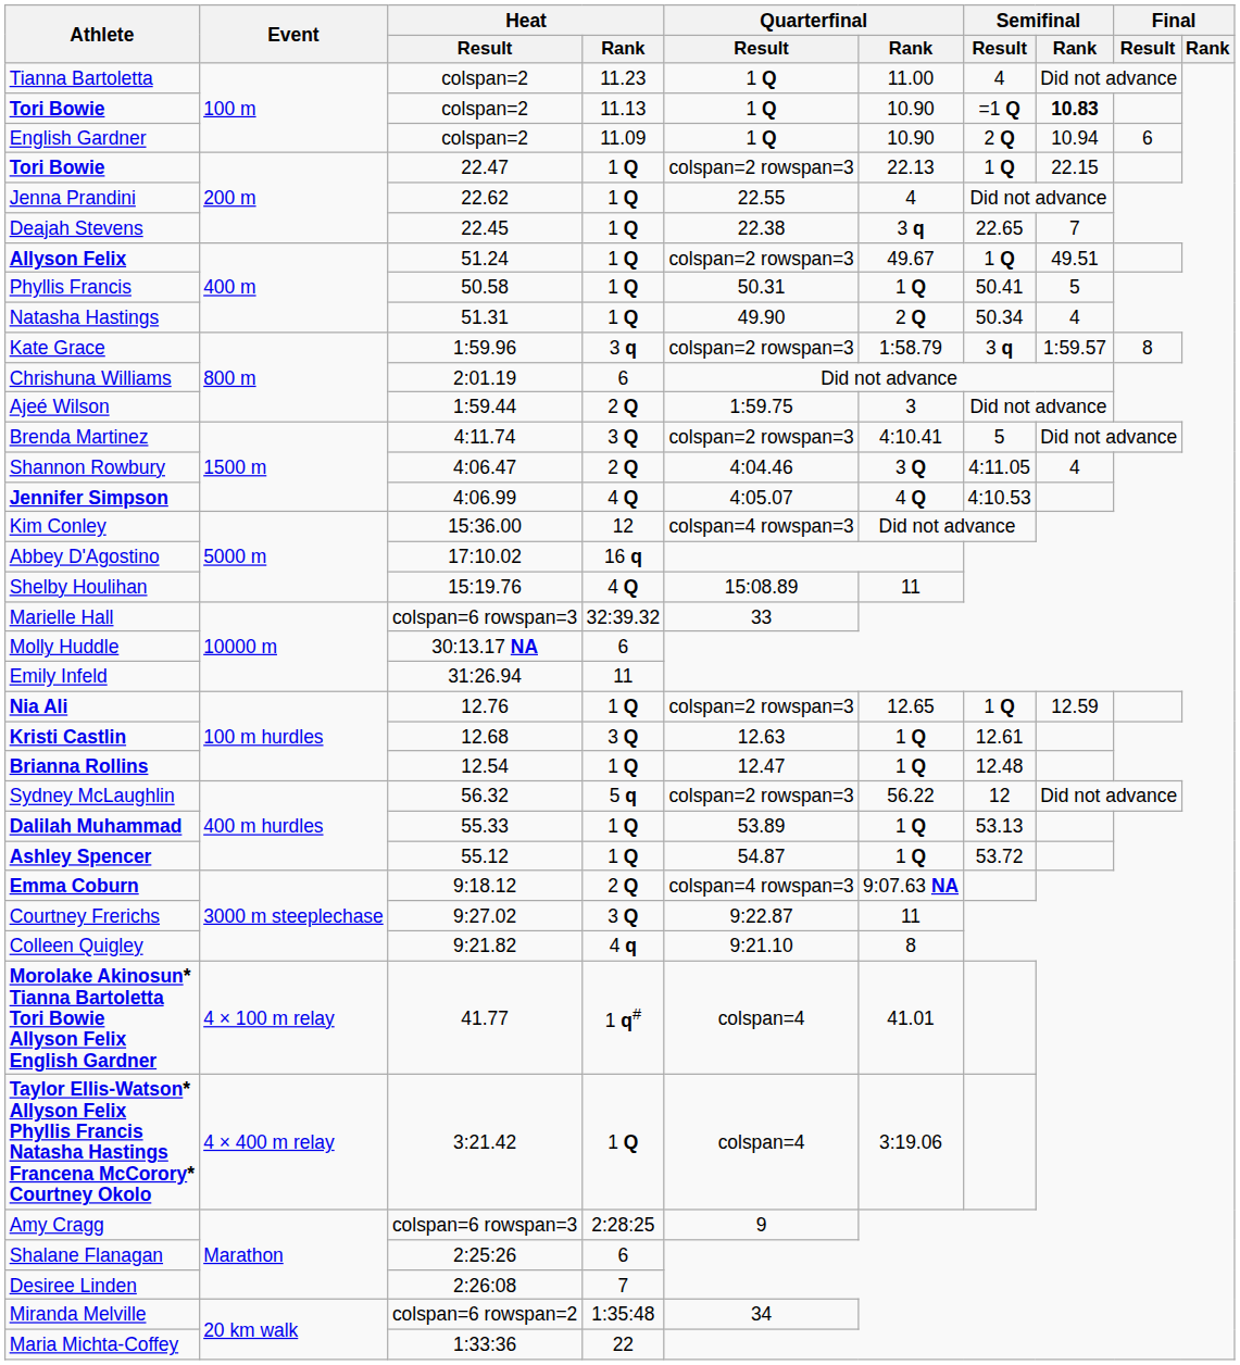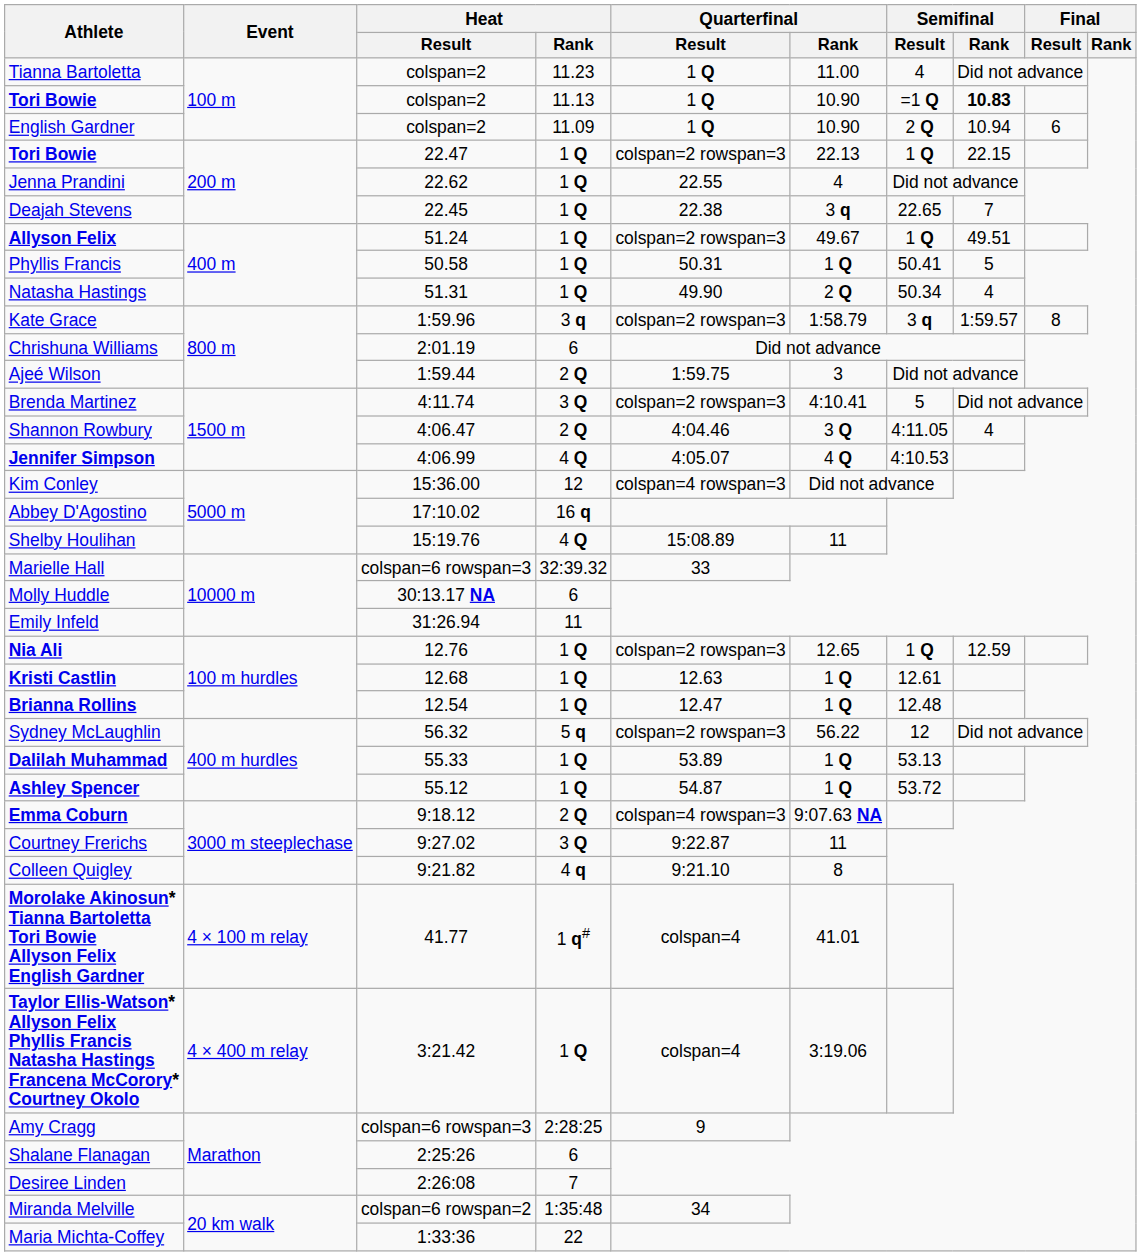 <table class=wikitable style=font-size:90%;text-align:center>
 <tr>
 <th rowspan=2>Athlete</th>
 <th rowspan=2>Event</th>
 <th colspan=2>Heat</th>
 <th colspan=2>Quarterfinal</th>
 <th colspan=2>Semifinal</th>
 <th colspan=2>Final</th>
 </tr>
 <tr style=font-size:95%>
 <th>Result</th>
 <th>Rank</th>
 <th>Result</th>
 <th>Rank</th>
 <th>Result</th>
 <th>Rank</th>
 <th>Result</th>
 <th>Rank</th>
 </tr>
 <tr>
 <td align=left><a href='#'>Tianna Bartoletta</a></td>
 <td align=left rowspan=3><a href='#'>100 m</a></td>
 <td>colspan=2 </td>
 <td>11.23</td>
 <td>1 <strong>Q</strong></td>
 <td>11.00</td>
 <td>4</td>
 <td colspan=2>Did not advance</td>
 </tr>
 <tr>
 <td align=left><strong><a href='#'>Tori Bowie</a></strong></td>
 <td>colspan=2 </td>
 <td>11.13</td>
 <td>1 <strong>Q</strong></td>
 <td>10.90</td>
 <td>=1 <strong>Q</strong></td>
 <td><strong>10.83</strong></td>
 <td></td>
 </tr>
 <tr>
 <td align=left><a href='#'>English Gardner</a></td>
 <td>colspan=2 </td>
 <td>11.09</td>
 <td>1 <strong>Q</strong></td>
 <td>10.90</td>
 <td>2 <strong>Q</strong></td>
 <td>10.94</td>
 <td>6</td>
 </tr>
 <tr>
 <td align=left><strong><a href='#'>Tori Bowie</a></strong></td>
 <td align=left rowspan=3><a href='#'>200 m</a></td>
 <td>22.47</td>
 <td>1 <strong>Q</strong></td>
 <td>colspan=2 rowspan=3 </td>
 <td>22.13</td>
 <td>1 <strong>Q</strong></td>
 <td>22.15</td>
 <td></td>
 </tr>
 <tr>
 <td align=left><a href='#'>Jenna Prandini</a></td>
 <td>22.62</td>
 <td>1 <strong>Q</strong></td>
 <td>22.55</td>
 <td>4</td>
 <td colspan=2>Did not advance</td>
 </tr>
 <tr>
 <td align=left><a href='#'>Deajah Stevens</a></td>
 <td>22.45</td>
 <td>1 <strong>Q</strong></td>
 <td>22.38</td>
 <td>3 <strong>q</strong></td>
 <td>22.65</td>
 <td>7</td>
 </tr>
 <tr>
 <td align=left><strong><a href='#'>Allyson Felix</a></strong></td>
 <td align=left rowspan=3><a href='#'>400 m</a></td>
 <td>51.24</td>
 <td>1 <strong>Q</strong></td>
 <td>colspan=2 rowspan=3 </td>
 <td>49.67</td>
 <td>1 <strong>Q</strong></td>
 <td>49.51</td>
 <td></td>
 </tr>
 <tr>
 <td align=left><a href='#'>Phyllis Francis</a></td>
 <td>50.58</td>
 <td>1 <strong>Q</strong></td>
 <td>50.31</td>
 <td>1 <strong>Q</strong></td>
 <td>50.41</td>
 <td>5</td>
 </tr>
 <tr>
 <td align=left><a href='#'>Natasha Hastings</a></td>
 <td>51.31</td>
 <td>1 <strong>Q</strong></td>
 <td>49.90</td>
 <td>2 <strong>Q</strong></td>
 <td>50.34</td>
 <td>4</td>
 </tr>
 <tr>
 <td align=left><a href='#'>Kate Grace</a></td>
 <td align=left rowspan=3><a href='#'>800 m</a></td>
 <td>1:59.96</td>
 <td>3 <strong>q</strong></td>
 <td>colspan=2 rowspan=3 </td>
 <td>1:58.79</td>
 <td>3 <strong>q</strong></td>
 <td>1:59.57</td>
 <td>8</td>
 </tr>
 <tr>
 <td align=left><a href='#'>Chrishuna Williams</a></td>
 <td>2:01.19</td>
 <td>6</td>
 <td colspan=4>Did not advance</td>
 </tr>
 <tr>
 <td align=left><a href='#'>Ajeé Wilson</a></td>
 <td>1:59.44</td>
 <td>2 <strong>Q</strong></td>
 <td>1:59.75</td>
 <td>3</td>
 <td colspan=2>Did not advance</td>
 </tr>
 <tr>
 <td align=left><a href='#'>Brenda Martinez</a></td>
 <td align=left rowspan=3><a href='#'>1500 m</a></td>
 <td>4:11.74</td>
 <td>3 <strong>Q</strong></td>
 <td>colspan=2 rowspan=3 </td>
 <td>4:10.41</td>
 <td>5</td>
 <td colspan=2>Did not advance</td>
 </tr>
 <tr>
 <td align=left><a href='#'>Shannon Rowbury</a></td>
 <td>4:06.47</td>
 <td>2 <strong>Q</strong></td>
 <td>4:04.46</td>
 <td>3 <strong>Q</strong></td>
 <td>4:11.05</td>
 <td>4</td>
 </tr>
 <tr>
 <td align=left><strong><a href='#'>Jennifer Simpson</a></strong></td>
 <td>4:06.99</td>
 <td>4 <strong>Q</strong></td>
 <td>4:05.07</td>
 <td>4 <strong>Q</strong></td>
 <td>4:10.53</td>
 <td></td>
 </tr>
 <tr>
 <td align=left><a href='#'>Kim Conley</a></td>
 <td align=left rowspan=3><a href='#'>5000 m</a></td>
 <td>15:36.00</td>
 <td>12</td>
 <td>colspan=4 rowspan=3 </td>
 <td colspan=2>Did not advance</td>
 </tr>
 <tr>
 <td align=left><a href='#'>Abbey D'Agostino</a></td>
 <td>17:10.02</td>
 <td>16 <strong>q</strong></td>
 <td colspan=2></td>
 </tr>
 <tr>
 <td align=left><a href='#'>Shelby Houlihan</a></td>
 <td>15:19.76</td>
 <td>4 <strong>Q</strong></td>
 <td>15:08.89</td>
 <td>11</td>
 </tr>
 <tr>
 <td align=left><a href='#'>Marielle Hall</a></td>
 <td align=left rowspan=3><a href='#'>10000 m</a></td>
 <td>colspan=6 rowspan=3 </td>
 <td>32:39.32</td>
 <td>33</td>
 </tr>
 <tr>
 <td align=left><a href='#'>Molly Huddle</a></td>
 <td>30:13.17 <strong><a href='#'>NA</a></strong></td>
 <td>6</td>
 </tr>
 <tr>
 <td align=left><a href='#'>Emily Infeld</a></td>
 <td>31:26.94</td>
 <td>11</td>
 </tr>
 <tr>
 <td align=left><strong><a href='#'>Nia Ali</a></strong></td>
 <td align=left rowspan=3><a href='#'>100 m hurdles</a></td>
 <td>12.76</td>
 <td>1 <strong>Q</strong></td>
 <td>colspan=2 rowspan=3 </td>
 <td>12.65</td>
 <td>1 <strong>Q</strong></td>
 <td>12.59</td>
 <td></td>
 </tr>
 <tr>
 <td align=left><strong><a href='#'>Kristi Castlin</a></strong></td>
 <td>12.68</td>
-<td>3 <strong>Q</strong></td>
+<td>1 <strong>Q</strong></td>
 <td>12.63</td>
 <td>1 <strong>Q</strong></td>
 <td>12.61</td>
 <td></td>
 </tr>
 <tr>
 <td align=left><strong><a href='#'>Brianna Rollins</a></strong></td>
 <td>12.54</td>
 <td>1 <strong>Q</strong></td>
 <td>12.47</td>
 <td>1 <strong>Q</strong></td>
 <td>12.48</td>
 <td></td>
 </tr>
 <tr>
 <td align=left><a href='#'>Sydney McLaughlin</a></td>
 <td align=left rowspan=3><a href='#'>400 m hurdles</a></td>
 <td>56.32</td>
 <td>5 <strong>q</strong></td>
 <td>colspan=2 rowspan=3 </td>
 <td>56.22</td>
 <td>12</td>
 <td colspan=2>Did not advance</td>
 </tr>
 <tr>
 <td align=left><strong><a href='#'>Dalilah Muhammad</a></strong></td>
 <td>55.33</td>
 <td>1 <strong>Q</strong></td>
 <td>53.89</td>
 <td>1 <strong>Q</strong></td>
 <td>53.13</td>
 <td></td>
 </tr>
 <tr>
 <td align=left><strong><a href='#'>Ashley Spencer</a></strong></td>
 <td>55.12</td>
 <td>1 <strong>Q</strong></td>
 <td>54.87</td>
 <td>1 <strong>Q</strong></td>
 <td>53.72</td>
 <td></td>
 </tr>
 <tr>
 <td align=left><strong><a href='#'>Emma Coburn</a></strong></td>
 <td align=left rowspan=3><a href='#'>3000 m steeplechase</a></td>
 <td>9:18.12</td>
 <td>2 <strong>Q</strong></td>
 <td>colspan=4 rowspan=3 </td>
 <td>9:07.63 <strong><a href='#'>NA</a></strong></td>
 <td></td>
 </tr>
 <tr>
 <td align=left><a href='#'>Courtney Frerichs</a></td>
 <td>9:27.02</td>
 <td>3 <strong>Q</strong></td>
 <td>9:22.87</td>
 <td>11</td>
 </tr>
 <tr>
 <td align=left><a href='#'>Colleen Quigley</a></td>
 <td>9:21.82</td>
 <td>4 <strong>q</strong></td>
 <td>9:21.10</td>
 <td>8</td>
 </tr>
 <tr>
 <td align=left><strong><a href='#'>Morolake Akinosun</a>*<br><a href='#'>Tianna Bartoletta</a><br><a href='#'>Tori Bowie</a><br><a href='#'>Allyson Felix</a><br><a href='#'>English Gardner</a></strong></td>
 <td align=left><a href='#'>4 × 100 m relay</a></td>
 <td>41.77</td>
 <td>1 <strong>q</strong><sup>#</sup></td>
 <td>colspan=4 </td>
 <td>41.01</td>
 <td></td>
 </tr>
 <tr>
 <td align=left><strong><a href='#'>Taylor Ellis-Watson</a>*<br><a href='#'>Allyson Felix</a><br><a href='#'>Phyllis Francis</a><br><a href='#'>Natasha Hastings</a><br><a href='#'>Francena McCorory</a>*<br><a href='#'>Courtney Okolo</a></strong></td>
 <td align=left><a href='#'>4 × 400 m relay</a></td>
 <td>3:21.42</td>
 <td>1 <strong>Q</strong></td>
 <td>colspan=4 </td>
 <td>3:19.06</td>
 <td></td>
 </tr>
 <tr>
 <td align=left><a href='#'>Amy Cragg</a></td>
 <td align=left rowspan=3><a href='#'>Marathon</a></td>
 <td>colspan=6 rowspan=3 </td>
 <td>2:28:25</td>
 <td>9</td>
 </tr>
 <tr>
 <td align=left><a href='#'>Shalane Flanagan</a></td>
 <td>2:25:26</td>
 <td>6</td>
 </tr>
 <tr>
 <td align=left><a href='#'>Desiree Linden</a></td>
 <td>2:26:08</td>
 <td>7</td>
 </tr>
 <tr>
 <td align=left><a href='#'>Miranda Melville</a></td>
 <td align=left rowspan=2><a href='#'>20 km walk</a></td>
 <td>colspan=6 rowspan=2 </td>
 <td>1:35:48</td>
 <td>34</td>
 </tr>
 <tr>
 <td align=left><a href='#'>Maria Michta-Coffey</a></td>
 <td>1:33:36</td>
 <td>22</td>
 </tr>
 </table>
